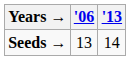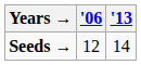 <table class="wikitable">
 <tr>
 <th>Years →</th>
 <th><a href='#'>'06</a></th>
 <th><a href='#'>'13</a></th>
 </tr>
 <tr align=center>
 <td style="text-align:left; "><strong>Seeds →</strong></td>
-<td>13</td>
+<td>12</td>
 <td>14</td>
 </tr>
 </table>
